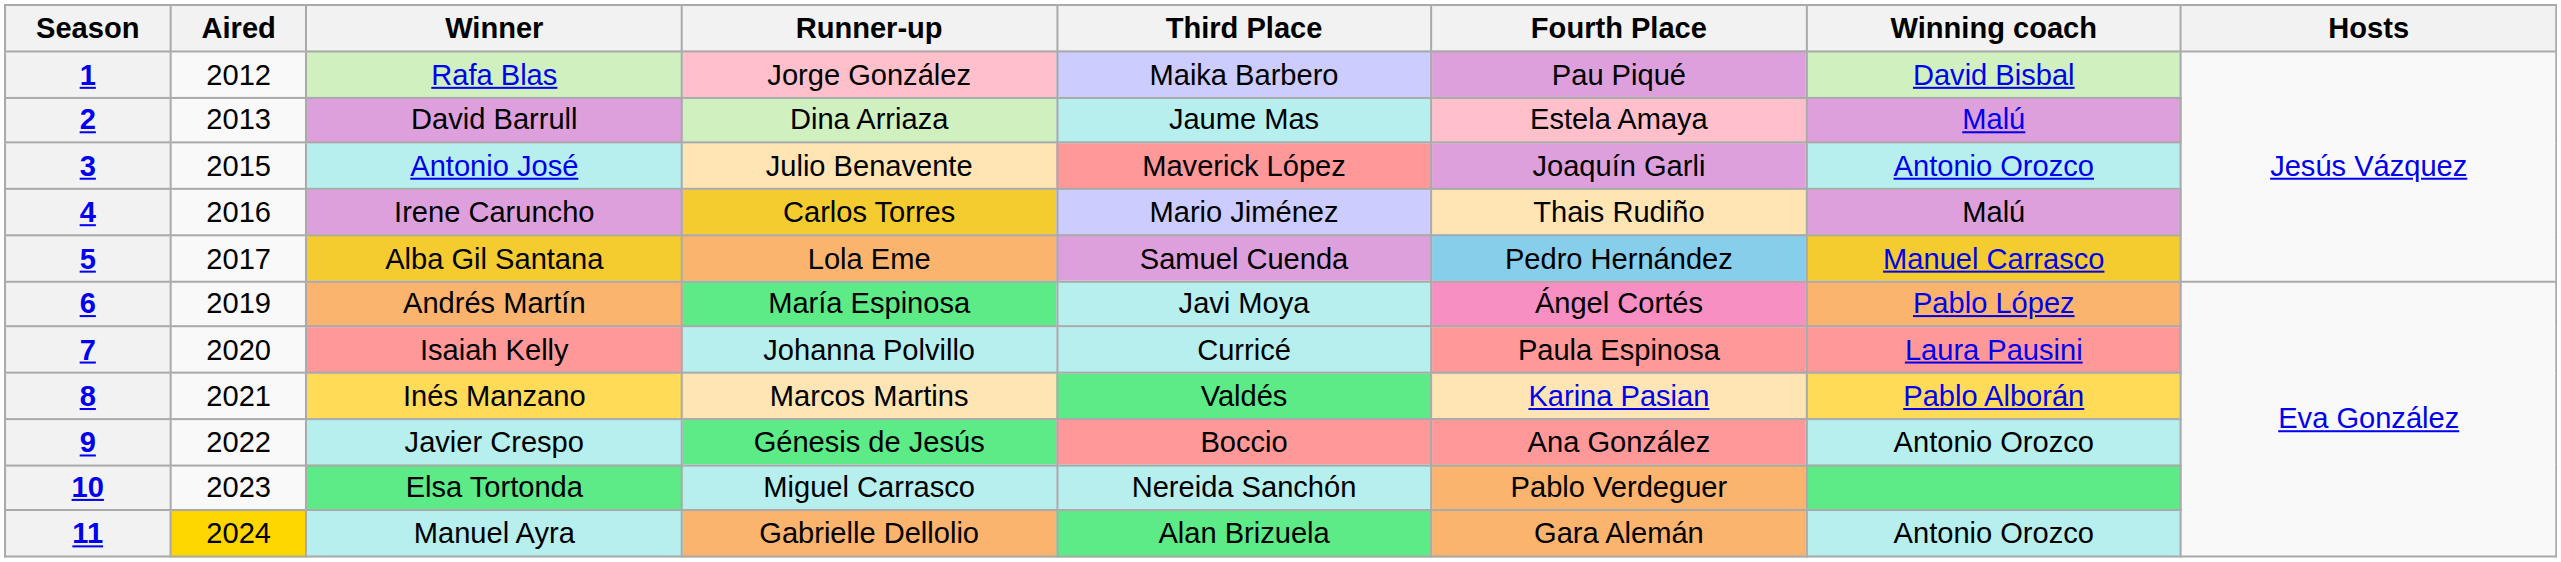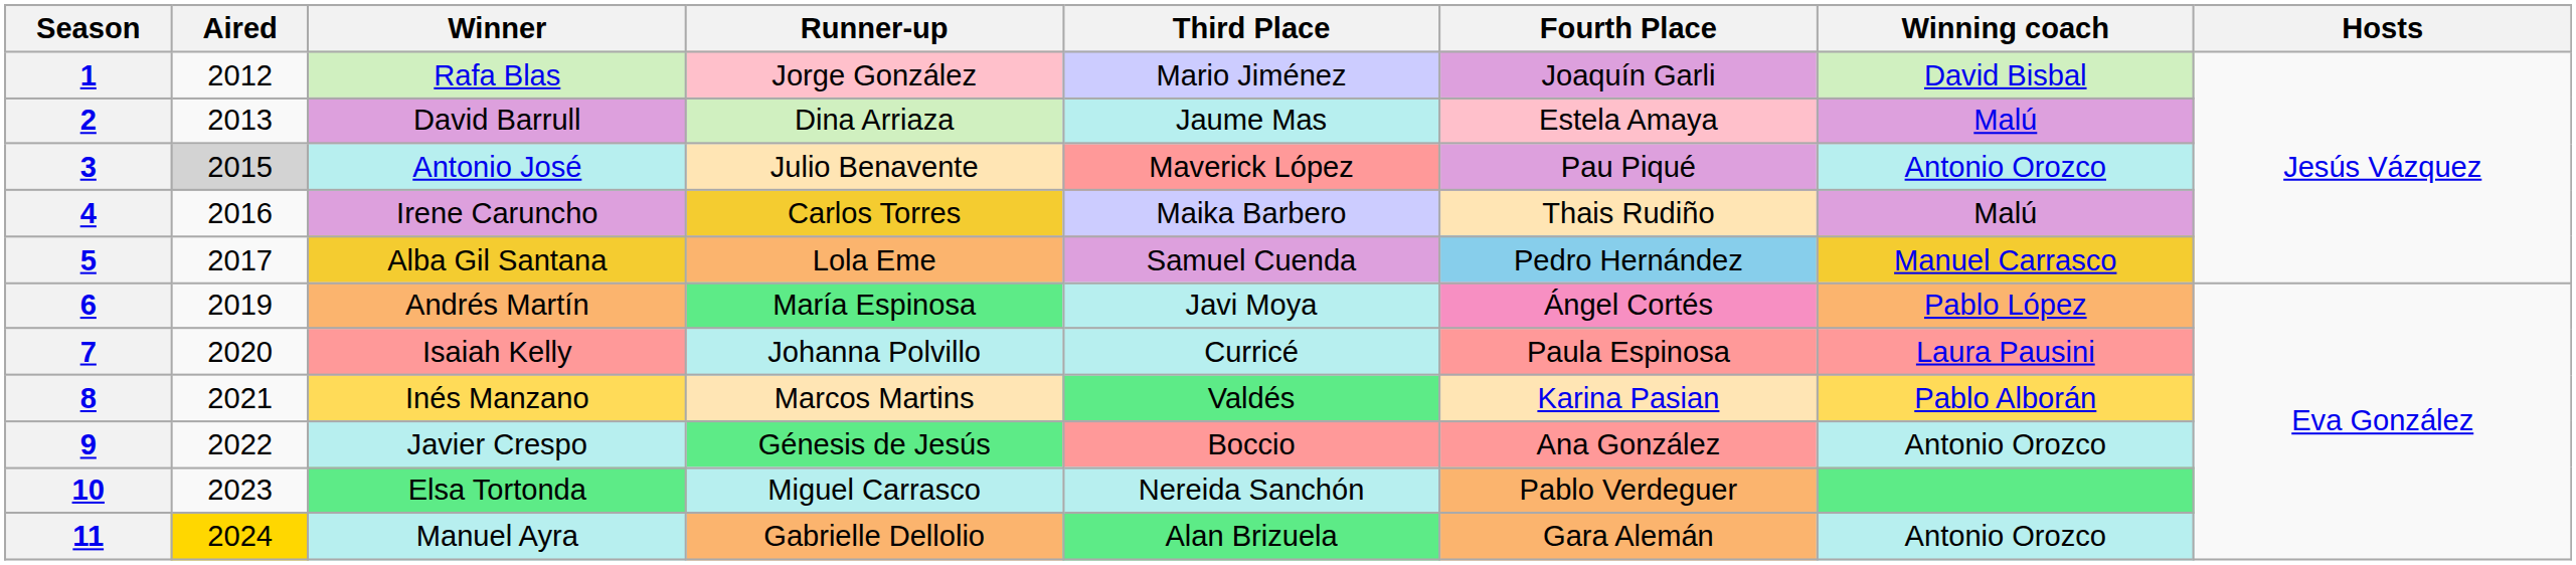 <table class="wikitable" style="text-align:center; font-size:90%; line-height:16px; width:100%">
 <tr>
 <th scope="col" width="3%">Season</th>
 <th scope="col" width="3%">Aired</th>
 <th scope="col" width="9%">Winner</th>
 <th scope="col" width="9%">Runner-up</th>
 <th scope="col" width="9%">Third Place</th>
 <th scope="col" width="9%">Fourth Place</th>
 <th scope="col" width="9%">Winning coach</th>
 <th scope="col" width="9%">Hosts</th>
 </tr>
 <tr>
 <th scope="row"><a href='#'>1</a></th>
 <td>2012</td>
 <td style="background:#d0f0c0"><a href='#'>Rafa Blas</a></td>
 <td style="background:pink">Jorge González</td>
-<td style="background:#ccccff; width:7%">Maika Barbero</td>
-<td style="background:#dda0dd; width:7%">Pau Piqué</td>
+<td style="background:#ccccff">Mario Jiménez</td>
+<td style="background:#dda0dd">Joaquín Garli</td>
 <td style="background:#d0f0c0"><a href='#'>David Bisbal</a></td>
 <td rowspan="5"><a href='#'>Jesús Vázquez</a></td>
 </tr>
 <tr>
 <th scope="row"><a href='#'>2</a></th>
 <td>2013</td>
 <td style="background:#dda0dd">David Barrull</td>
 <td style="background:#d0f0c0">Dina Arriaza</td>
 <td style="background:#b7efef">Jaume Mas</td>
 <td style="background:pink">Estela Amaya</td>
 <td style="background:#dda0dd"><a href='#'>Malú</a></td>
 </tr>
 <tr>
 <th scope="row"><a href='#'>3</a></th>
-<td>2015</td>
+<td style="background: lightgrey;">2015</td>
 <td style="background:#b7efef"><a href='#'>Antonio José</a></td>
 <td style="background:#ffe5b4">Julio Benavente</td>
 <td style="background:#ff9999">Maverick López</td>
-<td style="background:#dda0dd">Joaquín Garli</td>
+<td style="background:#dda0dd; width:7%">Pau Piqué</td>
 <td style="background:#b7efef"><a href='#'>Antonio Orozco</a></td>
 </tr>
 <tr>
 <th scope="row"><a href='#'>4</a></th>
 <td>2016</td>
 <td style="background:#dda0dd">Irene Caruncho</td>
 <td style="background:#F4CC30">Carlos Torres</td>
-<td style="background:#ccccff">Mario Jiménez</td>
+<td style="background:#ccccff; width:7%">Maika Barbero</td>
 <td style="background:#ffe5b4">Thais Rudiño</td>
 <td style="background:#dda0dd">Malú</td>
 </tr>
 <tr>
 <th scope="row"><a href='#'>5</a></th>
 <td>2017</td>
 <td style="background:#F4CC30">Alba Gil Santana</td>
 <td style="background:#fbb46e">Lola Eme</td>
 <td style="background:#dda0dd">Samuel Cuenda</td>
 <td style="background:#87ceeb">Pedro Hernández</td>
 <td style="background:#F4CC30"><a href='#'>Manuel Carrasco</a></td>
 </tr>
 <tr>
 <th scope="row"><a href='#'>6</a></th>
 <td>2019</td>
 <td style="background:#fbb46e">Andrés Martín</td>
 <td style="background:#5deb87">María Espinosa</td>
 <td style="background:#b7efef">Javi Moya</td>
 <td style="background:#F78FC2">Ángel Cortés</td>
 <td style="background:#fbb46e"><a href='#'>Pablo López</a></td>
 <td rowspan="6"><a href='#'>Eva González</a></td>
 </tr>
 <tr>
 <th scope="row"><a href='#'>7</a></th>
 <td>2020</td>
 <td style="background:#ff9999">Isaiah Kelly</td>
 <td style="background:#b7efef">Johanna Polvillo</td>
 <td style="background:#b7efef">Curricé</td>
 <td style="background:#ff9999">Paula Espinosa</td>
 <td style="background:#ff9999"><a href='#'>Laura Pausini</a></td>
 </tr>
 <tr>
 <th scope="row"><a href='#'>8</a></th>
 <td>2021</td>
 <td style="background:#ffdb58">Inés Manzano</td>
 <td style="background:#ffe5b4">Marcos Martins</td>
 <td style="background:#5deb87"> Valdés</td>
 <td style="background:#ffe5b4"><a href='#'>Karina Pasian</a></td>
 <td style="background:#ffdb58"><a href='#'>Pablo Alborán</a></td>
 </tr>
 <tr>
 <th><a href='#'>9</a></th>
 <td>2022</td>
 <td style="background:#b7efef">Javier Crespo</td>
 <td style="background:#5deb87">Génesis de Jesús</td>
 <td style="background:#ff9999"> Boccio</td>
 <td style="background:#ff9999">Ana González</td>
 <td style="background:#b7efef">Antonio Orozco</td>
 </tr>
 <tr>
 <th><a href='#'>10</a></th>
 <td>2023</td>
 <td style="background:#5deb87">Elsa Tortonda</td>
 <td style="background:#b7efef">Miguel Carrasco</td>
 <td style="background:#b7efef">Nereida Sanchón</td>
 <td style="background:#fbb46e">Pablo Verdeguer</td>
 <td style="background:#5deb87"><a href='#'></a></td>
 </tr>
 <tr>
 <th><a href='#'>11</a></th>
 <td style="background: gold;">2024</td>
 <td style="background:#b7efef">Manuel Ayra</td>
 <td style="background:#fbb46e">Gabrielle Dellolio</td>
 <td style="background:#5deb87">Alan Brizuela</td>
 <td style="background:#fbb46e">Gara Alemán</td>
 <td style="background:#b7efef">Antonio Orozco</td>
 </tr>
 </table>
